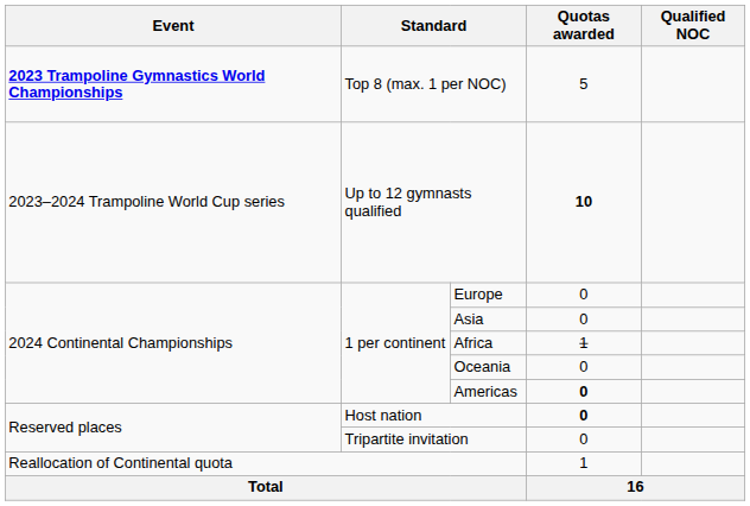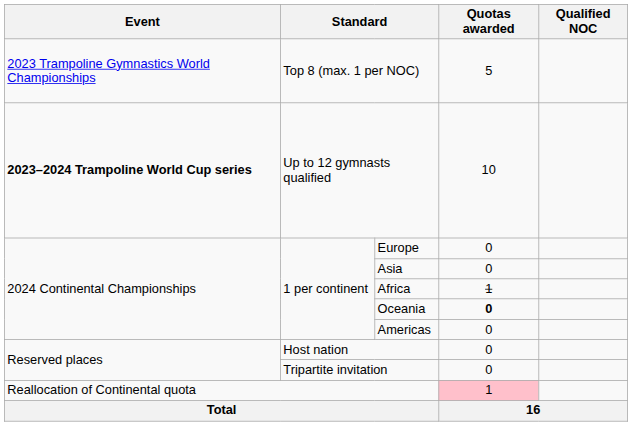 <table class="wikitable" style="width:780px;">
 <tr>
 <th>Event</th>
 <th colspan=2>Standard</th>
 <th>Quotas awarded</th>
 <th>Qualified NOC</th>
 </tr>
 <tr>
-<td><strong><a href='#'>2023 Trampoline Gymnastics World Championships</a></strong></td>
+<td><a href='#'>2023 Trampoline Gymnastics World Championships</a></td>
 <td colspan=2>Top 8 (max. 1 per NOC)</td>
 <td align=center>5</td>
 <td colspan=2><br><br><br><br></td>
 </tr>
 <tr>
-<td>2023–2024 Trampoline World Cup series</td>
+<td><strong>2023–2024 Trampoline World Cup series</strong></td>
 <td colspan=2>Up to 12 gymnasts qualified</td>
-<td align=center><strong>10</strong></td>
+<td align=center>10</td>
 <td colspan=2><br><br><br><br><br><br><br><br><br></td>
 </tr>
 <tr>
 <td rowspan=5>2024 Continental Championships</td>
 <td rowspan=5>1 per continent</td>
 <td>Europe</td>
 <td align=center>0</td>
 <td></td>
 </tr>
 <tr>
 <td>Asia</td>
 <td align=center>0</td>
 <td></td>
 </tr>
 <tr>
 <td>Africa</td>
 <td align=center><s>1</s></td>
 <td></td>
 </tr>
 <tr>
 <td>Oceania</td>
-<td align=center>0</td>
+<td align=center><strong>0</strong></td>
 <td></td>
 </tr>
 <tr>
 <td>Americas</td>
-<td align=center><strong>0</strong></td>
+<td align=center>0</td>
 <td></td>
 </tr>
 <tr>
 <td rowspan=2>Reserved places</td>
 <td colspan=2>Host nation</td>
-<td align=center><strong>0</strong></td>
+<td align=center>0</td>
 <td></td>
 </tr>
 <tr>
 <td colspan=2>Tripartite invitation</td>
 <td align=center>0</td>
 <td></td>
 </tr>
 <tr>
 <td colspan=3>Reallocation of Continental quota</td>
-<td align=center>1</td>
+<td align=center style="background: pink;">1</td>
 <td></td>
 </tr>
 <tr>
 <th colspan="3">Total</th>
 <th colspan=3>16</th>
 </tr>
 </table>
